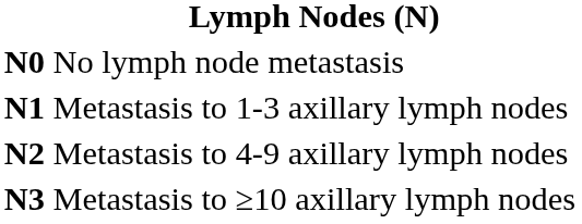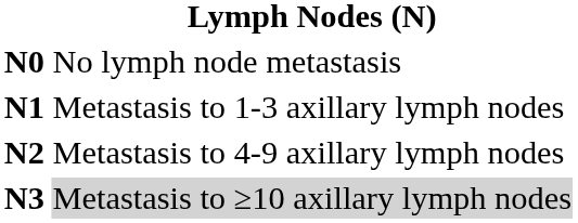 <table>
 <tr>
 <th></th>
 <th>Lymph Nodes (N)</th>
 </tr>
 <tr>
 <th>N0</th>
 <td>No lymph node metastasis</td>
 </tr>
 <tr>
 <th>N1</th>
 <td>Metastasis to 1-3 axillary lymph nodes</td>
 </tr>
 <tr>
 <th>N2</th>
 <td>Metastasis to 4-9 axillary lymph nodes</td>
 </tr>
 <tr>
 <th>N3</th>
-<td>Metastasis to ≥10 axillary lymph nodes</td>
+<td style="background: lightgrey;">Metastasis to ≥10 axillary lymph nodes</td>
 </tr>
 </table>
